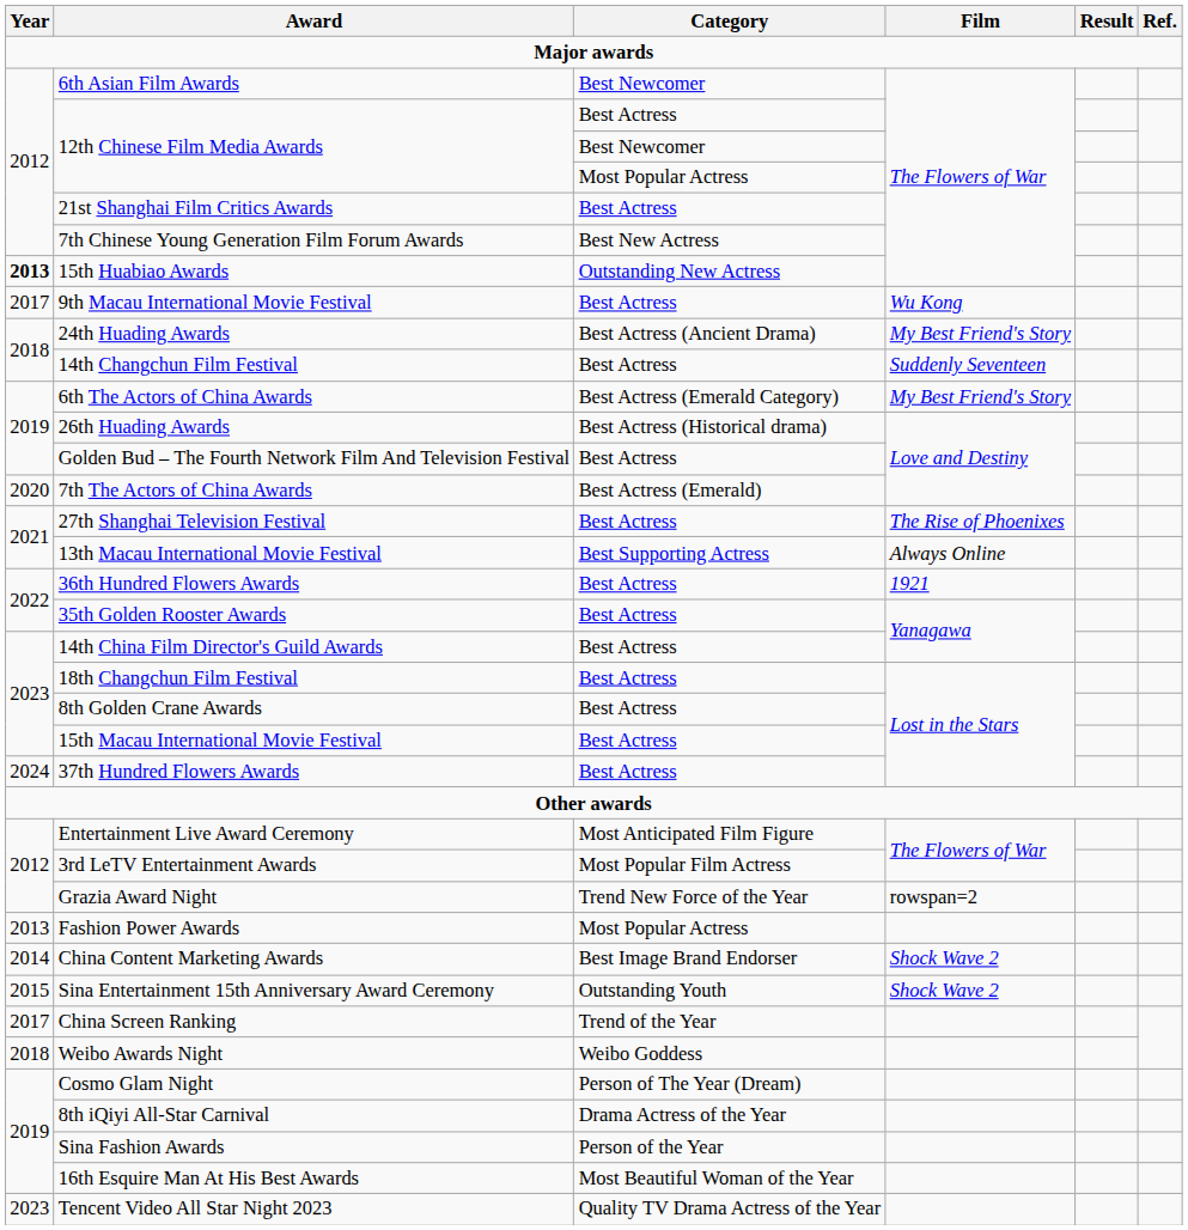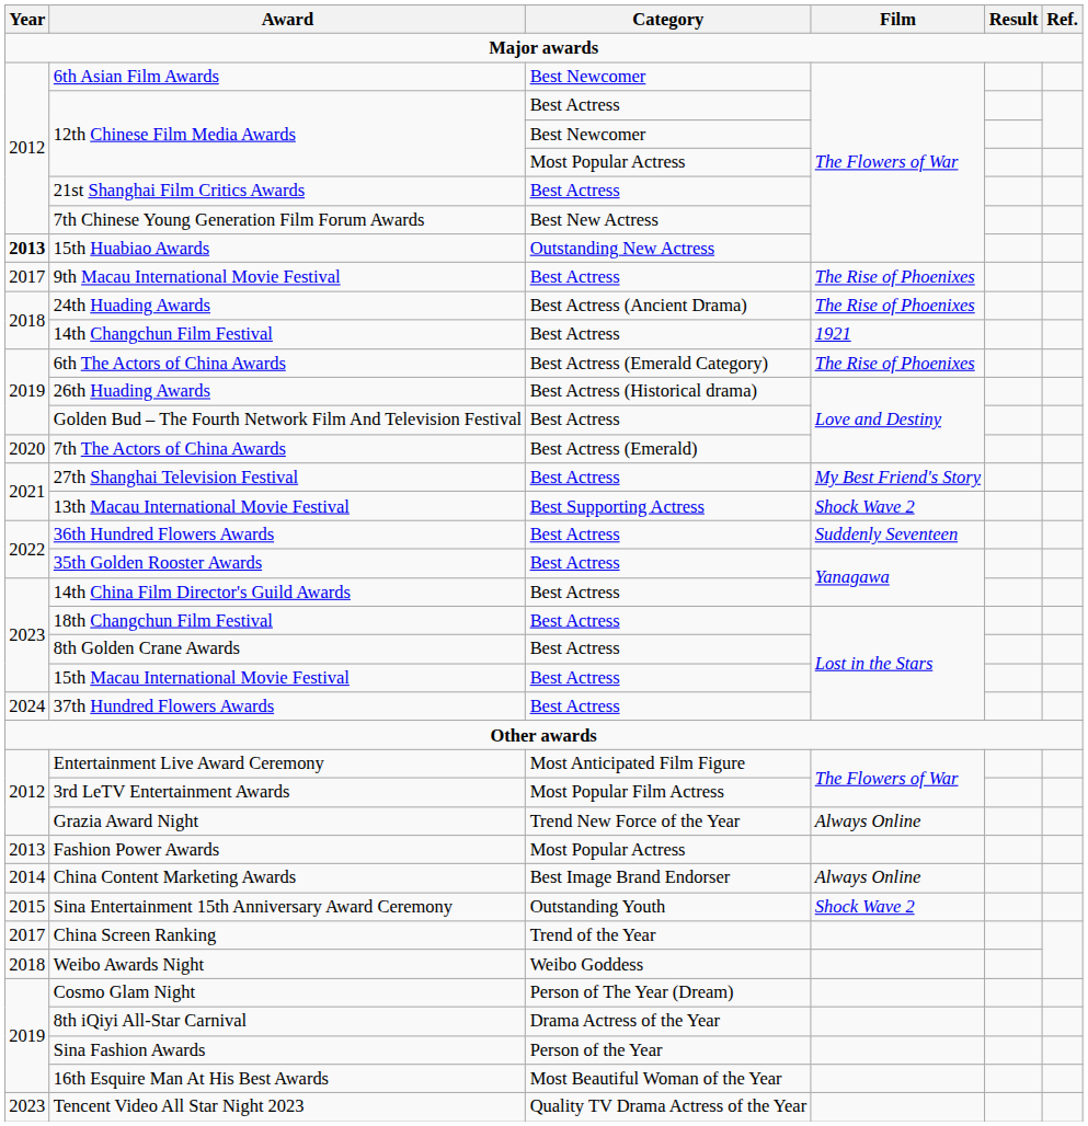 <table class ="wikitable sortable">
 <tr>
 <th>Year</th>
 <th>Award</th>
 <th>Category</th>
 <th>Film</th>
 <th>Result</th>
 <th>Ref.</th>
 </tr>
 <tr>
 <td colspan=6 style="text-align:center;"><strong>Major awards</strong></td>
 </tr>
 <tr>
 <td rowspan=6>2012</td>
 <td><a href='#'>6th Asian Film Awards</a></td>
 <td><a href='#'>Best Newcomer</a></td>
 <td rowspan=7><em><a href='#'>The Flowers of War</a></em></td>
 <td></td>
 <td></td>
 </tr>
 <tr>
 <td rowspan=3>12th <a href='#'>Chinese Film Media Awards</a></td>
 <td>Best Actress</td>
 <td></td>
 <td rowspan=2></td>
 </tr>
 <tr>
 <td>Best Newcomer</td>
 <td></td>
 </tr>
 <tr>
 <td>Most Popular Actress</td>
 <td></td>
 <td></td>
 </tr>
 <tr>
 <td>21st <a href='#'>Shanghai Film Critics Awards</a></td>
 <td><a href='#'>Best Actress</a></td>
 <td></td>
 <td></td>
 </tr>
 <tr>
 <td>7th Chinese Young Generation Film Forum Awards</td>
 <td>Best New Actress</td>
 <td></td>
 <td></td>
 </tr>
 <tr>
 <td><strong>2013</strong></td>
 <td>15th <a href='#'>Huabiao Awards</a></td>
 <td><a href='#'>Outstanding New Actress</a></td>
 <td></td>
 <td></td>
 </tr>
 <tr>
 <td>2017</td>
 <td>9th <a href='#'>Macau International Movie Festival</a></td>
 <td><a href='#'>Best Actress</a></td>
-<td><em><a href='#'>Wu Kong</a></em></td>
+<td><em><a href='#'>The Rise of Phoenixes</a></em></td>
 <td></td>
 <td></td>
 </tr>
 <tr>
 <td rowspan=2>2018</td>
 <td>24th <a href='#'>Huading Awards</a></td>
 <td>Best Actress (Ancient Drama)</td>
-<td><em><a href='#'>My Best Friend's Story</a></em></td>
+<td><em><a href='#'>The Rise of Phoenixes</a></em></td>
 <td></td>
 <td></td>
 </tr>
 <tr>
 <td>14th <a href='#'>Changchun Film Festival</a></td>
 <td>Best Actress</td>
-<td><em><a href='#'>Suddenly Seventeen</a></em></td>
+<td><em><a href='#'>1921</a></em></td>
 <td></td>
 <td></td>
 </tr>
 <tr>
 <td rowspan=3>2019</td>
 <td>6th <a href='#'>The Actors of China Awards</a></td>
 <td>Best Actress (Emerald Category)</td>
-<td><em><a href='#'>My Best Friend's Story</a></em></td>
+<td><em><a href='#'>The Rise of Phoenixes</a></em></td>
 <td></td>
 <td></td>
 </tr>
 <tr>
 <td>26th <a href='#'>Huading Awards</a></td>
 <td>Best Actress (Historical drama)</td>
 <td rowspan=3><em><a href='#'>Love and Destiny</a></em></td>
 <td></td>
 <td></td>
 </tr>
 <tr>
 <td>Golden Bud – The Fourth Network Film And Television Festival</td>
 <td>Best Actress</td>
 <td></td>
 <td></td>
 </tr>
 <tr>
 <td>2020</td>
 <td>7th <a href='#'>The Actors of China Awards</a></td>
 <td>Best Actress (Emerald)</td>
 <td></td>
 <td></td>
 </tr>
 <tr>
 <td rowspan=2>2021</td>
 <td>27th <a href='#'>Shanghai Television Festival</a></td>
 <td><a href='#'>Best Actress</a></td>
-<td><em><a href='#'>The Rise of Phoenixes</a></em></td>
+<td><em><a href='#'>My Best Friend's Story</a></em></td>
 <td></td>
 <td></td>
 </tr>
 <tr>
 <td>13th <a href='#'>Macau International Movie Festival</a></td>
 <td><a href='#'>Best Supporting Actress</a></td>
-<td><em>Always Online</em></td>
+<td><em><a href='#'>Shock Wave 2</a></em></td>
 <td></td>
 <td></td>
 </tr>
 <tr>
 <td rowspan=2>2022</td>
 <td><a href='#'>36th Hundred Flowers Awards</a></td>
 <td><a href='#'>Best Actress</a></td>
-<td><em><a href='#'>1921</a></em></td>
+<td><em><a href='#'>Suddenly Seventeen</a></em></td>
 <td></td>
 <td></td>
 </tr>
 <tr>
 <td><a href='#'>35th Golden Rooster Awards</a></td>
 <td><a href='#'>Best Actress</a></td>
 <td rowspan=2><em><a href='#'>Yanagawa</a></em></td>
 <td></td>
 <td></td>
 </tr>
 <tr>
 <td rowspan=4>2023</td>
 <td>14th <a href='#'>China Film Director's Guild Awards</a></td>
 <td>Best Actress</td>
 <td></td>
 <td></td>
 </tr>
 <tr>
 <td>18th <a href='#'>Changchun Film Festival</a></td>
 <td><a href='#'>Best Actress</a></td>
 <td rowspan=4><em><a href='#'>Lost in the Stars</a></em></td>
 <td></td>
 <td></td>
 </tr>
 <tr>
 <td>8th Golden Crane Awards</td>
 <td>Best Actress</td>
 <td></td>
 <td></td>
 </tr>
 <tr>
 <td>15th <a href='#'>Macau International Movie Festival</a></td>
 <td><a href='#'>Best Actress</a></td>
 <td></td>
 <td></td>
 </tr>
 <tr>
 <td rowspan=1>2024</td>
 <td>37th <a href='#'>Hundred Flowers Awards</a></td>
 <td><a href='#'>Best Actress</a></td>
 <td></td>
 <td></td>
 </tr>
 <tr>
 <td colspan=6 style="text-align:center;"><strong>Other awards</strong></td>
 </tr>
 <tr>
 <td rowspan=3>2012</td>
 <td>Entertainment Live Award Ceremony</td>
 <td>Most Anticipated Film Figure</td>
 <td rowspan=2><em><a href='#'>The Flowers of War</a></em></td>
 <td></td>
 <td></td>
 </tr>
 <tr>
 <td>3rd LeTV Entertainment Awards</td>
 <td>Most Popular Film Actress</td>
 <td></td>
 <td></td>
 </tr>
 <tr>
 <td>Grazia Award Night</td>
 <td>Trend New Force of the Year</td>
-<td>rowspan=2 </td>
+<td><em>Always Online</em></td>
 <td></td>
 <td></td>
 </tr>
 <tr>
 <td rowspan=1>2013</td>
 <td>Fashion Power Awards</td>
 <td>Most Popular Actress</td>
 <td></td>
 <td></td>
 </tr>
 <tr>
 <td>2014</td>
 <td>China Content Marketing Awards</td>
 <td>Best Image Brand Endorser</td>
-<td><em><a href='#'>Shock Wave 2</a></em></td>
+<td><em>Always Online</em></td>
 <td></td>
 <td></td>
 </tr>
 <tr>
 <td>2015</td>
 <td>Sina Entertainment 15th Anniversary Award Ceremony</td>
 <td>Outstanding Youth</td>
 <td><em><a href='#'>Shock Wave 2</a></em></td>
 <td></td>
 <td></td>
 </tr>
 <tr>
 <td>2017</td>
 <td>China Screen Ranking</td>
 <td>Trend of the Year</td>
 <td></td>
 <td></td>
 </tr>
 <tr>
 <td>2018</td>
 <td>Weibo Awards Night</td>
 <td>Weibo Goddess</td>
 <td></td>
 <td></td>
 </tr>
 <tr>
 <td rowspan=4>2019</td>
 <td>Cosmo Glam Night</td>
 <td>Person of The Year (Dream)</td>
 <td></td>
 <td></td>
 <td></td>
 </tr>
 <tr>
 <td>8th iQiyi All-Star Carnival</td>
 <td>Drama Actress of the Year</td>
 <td></td>
 <td></td>
 <td></td>
 </tr>
 <tr>
 <td>Sina Fashion Awards</td>
 <td>Person of the Year</td>
 <td></td>
 <td></td>
 <td></td>
 </tr>
 <tr>
 <td>16th Esquire Man At His Best Awards</td>
 <td>Most Beautiful Woman of the Year</td>
 <td></td>
 <td></td>
 <td></td>
 </tr>
 <tr>
 <td>2023</td>
 <td>Tencent Video All Star Night 2023</td>
 <td>Quality TV Drama Actress of the Year</td>
 <td></td>
 <td></td>
 <td></td>
 </tr>
 </table>
